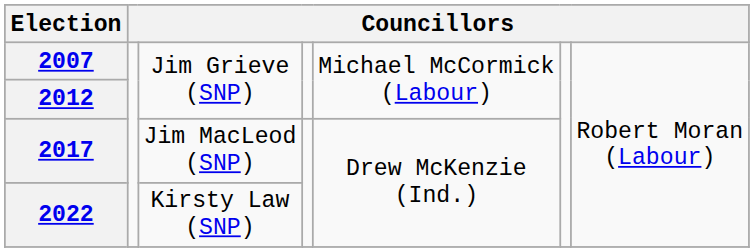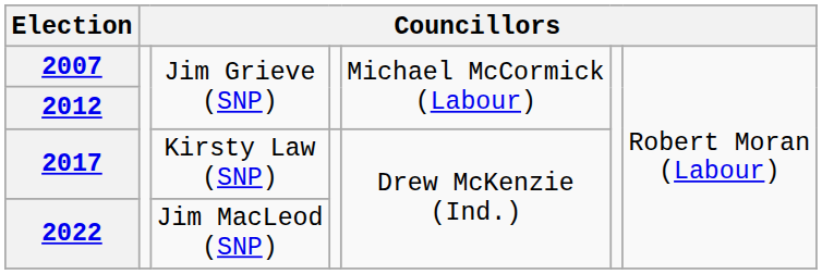 <table class="wikitable" style="text-align:center">
 <tr>
 <th>Election</th>
 <th colspan=8>Councillors</th>
 </tr>
 <tr>
 <th><a href='#'>2007</a></th>
 <td rowspan=4; style="background-color: "></td>
 <td rowspan=2>Jim Grieve<br>(<a href='#'>SNP</a>)</td>
 <td rowspan=2; style="background-color: "></td>
 <td rowspan=2>Michael McCormick<br>(<a href='#'>Labour</a>)</td>
 <td rowspan=4; style="background-color: "></td>
 <td rowspan=4>Robert Moran<br>(<a href='#'>Labour</a>)</td>
 </tr>
 <tr>
 <th><a href='#'>2012</a></th>
 </tr>
 <tr>
 <th><a href='#'>2017</a></th>
-<td rowspan=1>Jim MacLeod<br>(<a href='#'>SNP</a>)</td>
+<td rowspan=1>Kirsty Law<br>(<a href='#'>SNP</a>)</td>
 <td rowspan=2; style="background-color: "></td>
 <td rowspan=2>Drew McKenzie<br>(Ind.)</td>
 </tr>
 <tr>
 <th><a href='#'>2022</a></th>
-<td rowspan=1>Kirsty Law<br>(<a href='#'>SNP</a>)</td>
+<td rowspan=1>Jim MacLeod<br>(<a href='#'>SNP</a>)</td>
 </tr>
 </table>
